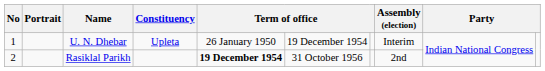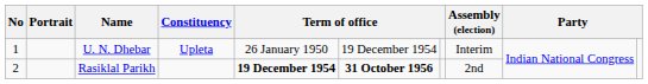 <table class="wikitable">
 <tr>
 <th>No</th>
 <th>Portrait</th>
 <th>Name</th>
 <th><a href='#'>Constituency</a></th>
 <th colspan="3">Term of office</th>
 <th>Assembly<br><small>(election)</small></th>
 <th colspan="2">Party</th>
 </tr>
 <tr align="center">
 <td rowspan="2">1</td>
 <td rowspan="2"></td>
 <td rowspan="2"><a href='#'>U. N. Dhebar</a></td>
 <td rowspan="2"><a href='#'>Upleta</a></td>
 <td rowspan="2">26 January 1950</td>
 <td rowspan="2">19 December 1954</td>
 <td rowspan="2"></td>
 <td>Interim</td>
 <td rowspan="3"><a href='#'>Indian National Congress</a></td>
 <td rowspan="3" style="background-color: "></td>
 </tr>
 <tr align="center">
 <td rowspan="2">2nd<br></td>
 </tr>
 <tr align="center">
 <td>2</td>
 <td></td>
 <td><a href='#'>Rasiklal Parikh</a></td>
 <td></td>
 <td><strong>19 December 1954</strong></td>
-<td>31 October 1956</td>
+<td><strong>31 October 1956</strong></td>
 <td></td>
 </tr>
 </table>
